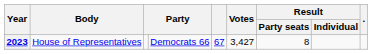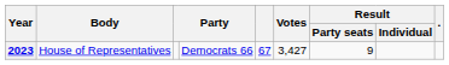 <table class="wikitable plainrowheaders sortable" border=2 cellpadding=4 cellspacing=0 style="border: 1px #aaa solid; font-size: 90%; text-align:center;">
 <tr>
 <th scope="col" rowspan=2>Year</th>
 <th scope="col" rowspan=2>Body</th>
 <th scope="col" colspan=2 rowspan=2>Party</th>
 <th scope="col" rowspan=2></th>
 <th scope="col" rowspan=2>Votes</th>
 <th scope="colgroup" colspan=2>Result</th>
 <th scope="col" rowspan=2 class="unsortable">.</th>
 </tr>
 <tr>
 <th scope="col">Party seats</th>
 <th scope="col">Individual</th>
 </tr>
 <tr>
 <th scope="row"><a href='#'>2023</a></th>
 <td><a href='#'>House of Representatives</a></td>
 <td style="background-color:"></td>
 <td><a href='#'>Democrats 66</a></td>
 <td style=text-align:right><a href='#'>67</a></td>
 <td style=text-align:right>3,427</td>
-<td style=text-align:right>8</td>
+<td style=text-align:right>9</td>
 <td></td>
 <td></td>
 </tr>
 </table>
